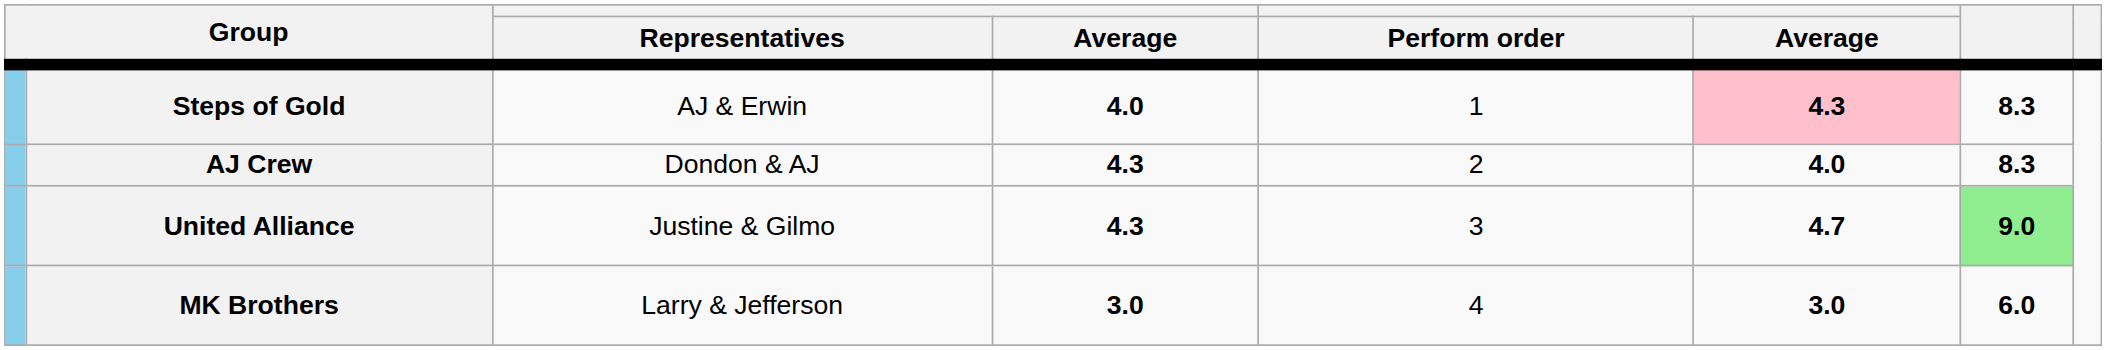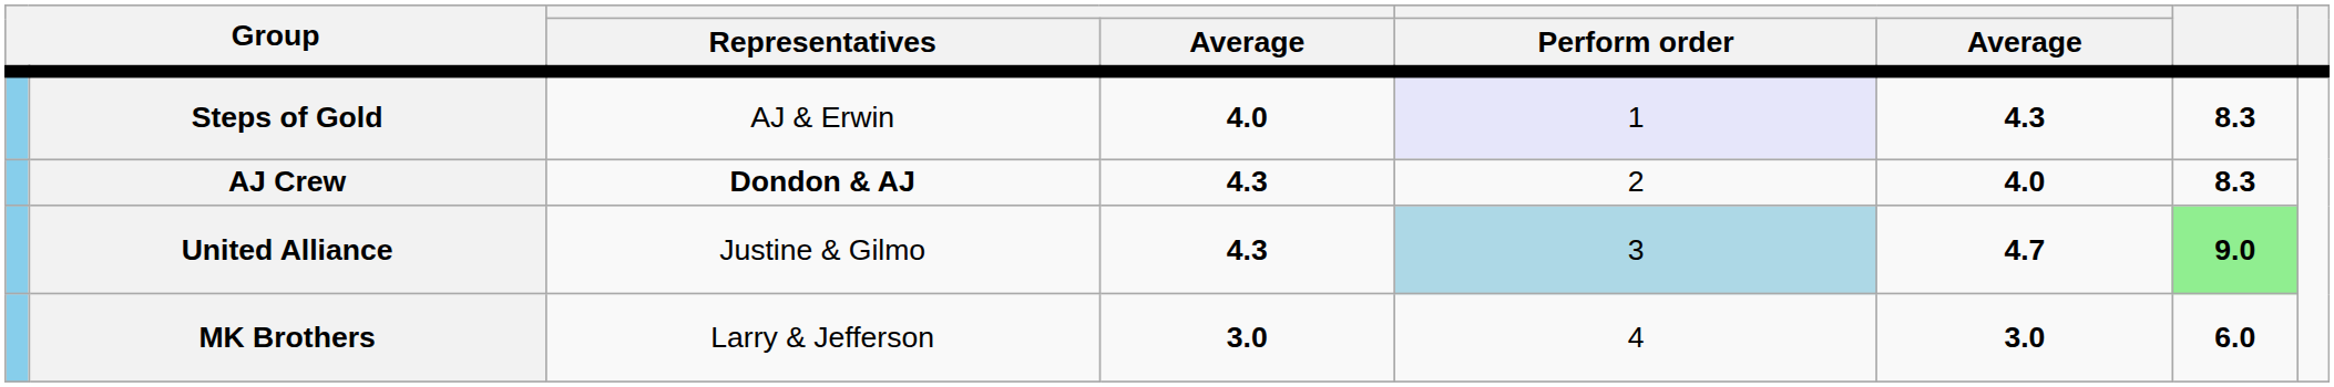 <table class="wikitable plainrowheaders" style="text-align:center; width:100%">
 <tr>
 <th colspan="2" rowspan="2">Group</th>
 <th colspan="2"></th>
 <th colspan="2"></th>
 <th rowspan="2"></th>
 <th rowspan="2"></th>
 </tr>
 <tr>
 <th>Representatives</th>
 <th>Average</th>
 <th>Perform order</th>
 <th>Average</th>
 </tr>
 <tr style="border-top: 7px solid; height: 3em;">
 <th width="01%" style="background:#87ceeb;"></th>
 <th>Steps of Gold</th>
 <td>AJ & Erwin</td>
 <td><strong>4.0</strong><br></td>
-<td>1</td>
-<td style="background: pink;"><strong>4.3</strong><br></td>
+<td style="background: lavender;">1</td>
+<td><strong>4.3</strong><br></td>
 <td><strong>8.3</strong><br></td>
 <td rowspan="4"></td>
 </tr>
 <tr>
 <th width="01%" style="background:#87ceeb;"></th>
 <th>AJ Crew</th>
-<td>Dondon & AJ</td>
+<td><strong>Dondon & AJ</strong></td>
 <td><strong>4.3</strong><br></td>
 <td>2</td>
 <td><strong>4.0</strong><br></td>
 <td><strong>8.3</strong><br></td>
 </tr>
 <tr style="height: 3em;">
 <th width="01%" style="background:#87ceeb;"></th>
 <th>United Alliance</th>
 <td>Justine & Gilmo</td>
 <td><strong>4.3</strong><br></td>
-<td>3</td>
+<td style="background: lightblue;">3</td>
 <td><strong>4.7</strong><br></td>
 <td style="background:#90ee90;"><strong>9.0</strong><br></td>
 </tr>
 <tr style="height: 3em;">
 <th width="01%" style="background:#87ceeb;"></th>
 <th>MK Brothers</th>
 <td>Larry & Jefferson</td>
 <td><strong>3.0</strong><br></td>
 <td>4</td>
 <td><strong>3.0</strong><br></td>
 <td><strong>6.0</strong><br></td>
 </tr>
 </table>
